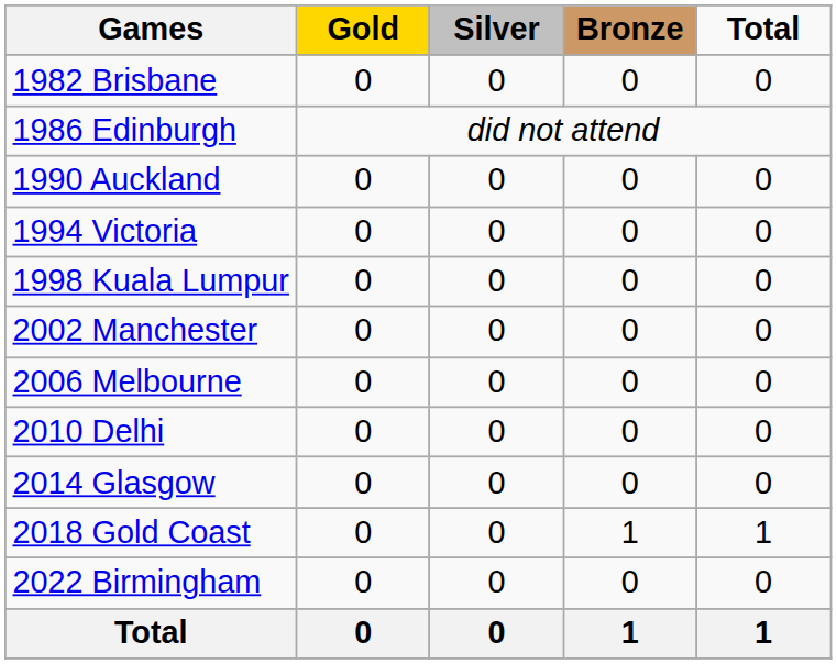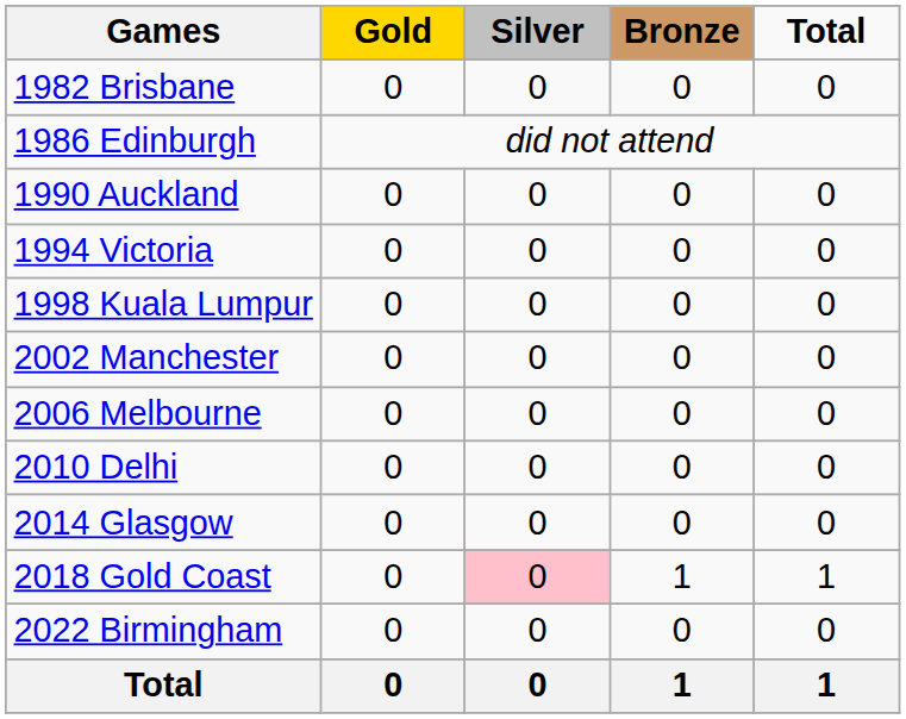 <table class="wikitable" style="text-align:center">
 <tr>
 <th>Games</th>
 <td width=60 bgcolor=gold><strong>Gold</strong></td>
 <td width=60 bgcolor=silver><strong>Silver</strong></td>
 <td width=60 bgcolor=cc9966><strong>Bronze</strong></td>
 <td width=60><strong>Total</strong></td>
 </tr>
 <tr>
 <td align=left><a href='#'>1982 Brisbane</a></td>
 <td>0</td>
 <td>0</td>
 <td>0</td>
 <td>0</td>
 </tr>
 <tr>
 <td align=left><a href='#'>1986 Edinburgh</a></td>
 <td colspan=4><em>did not attend</em></td>
 </tr>
 <tr>
 <td align=left><a href='#'>1990 Auckland</a></td>
 <td>0</td>
 <td>0</td>
 <td>0</td>
 <td>0</td>
 </tr>
 <tr>
 <td align=left><a href='#'>1994 Victoria</a></td>
 <td>0</td>
 <td>0</td>
 <td>0</td>
 <td>0</td>
 </tr>
 <tr>
 <td align=left><a href='#'>1998 Kuala Lumpur</a></td>
 <td>0</td>
 <td>0</td>
 <td>0</td>
 <td>0</td>
 </tr>
 <tr>
 <td align=left><a href='#'>2002 Manchester</a></td>
 <td>0</td>
 <td>0</td>
 <td>0</td>
 <td>0</td>
 </tr>
 <tr>
 <td align=left><a href='#'>2006 Melbourne</a></td>
 <td>0</td>
 <td>0</td>
 <td>0</td>
 <td>0</td>
 </tr>
 <tr>
 <td align=left><a href='#'>2010 Delhi</a></td>
 <td>0</td>
 <td>0</td>
 <td>0</td>
 <td>0</td>
 </tr>
 <tr>
 <td align=left><a href='#'>2014 Glasgow</a></td>
 <td>0</td>
 <td>0</td>
 <td>0</td>
 <td>0</td>
 </tr>
 <tr>
 <td align=left><a href='#'>2018 Gold Coast</a></td>
 <td>0</td>
-<td>0</td>
+<td style="background: pink;">0</td>
 <td>1</td>
 <td>1</td>
 </tr>
 <tr>
 <td align=left><a href='#'>2022 Birmingham</a></td>
 <td>0</td>
 <td>0</td>
 <td>0</td>
 <td>0</td>
 </tr>
 <tr>
 <th>Total</th>
 <th>0</th>
 <th>0</th>
 <th>1</th>
 <th>1</th>
 </tr>
 </table>
